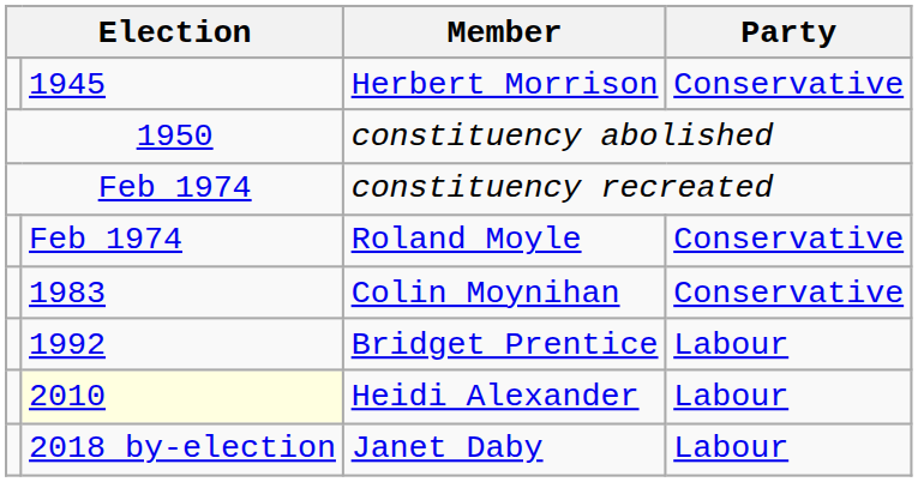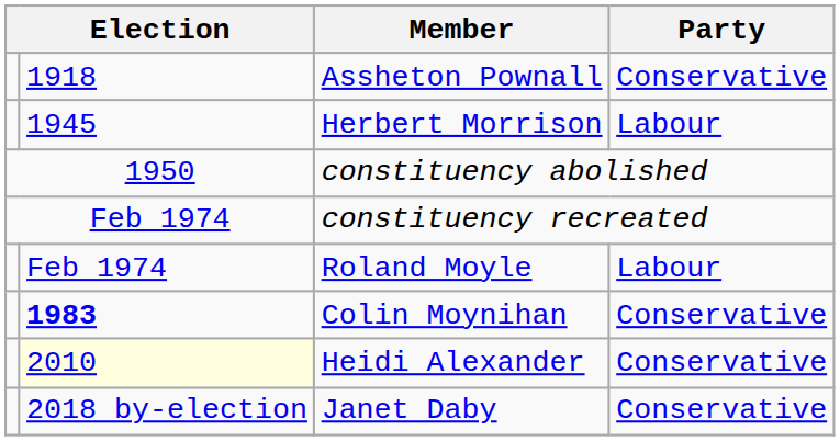 <table class="wikitable">
 <tr>
 <th colspan="2">Election</th>
 <th>Member</th>
 <th>Party</th>
 </tr>
 <tr>
 <td style="color:inherit;background-color: "></td>
+<td><a href='#'>1918</a></td>
+<td><a href='#'>Assheton Pownall</a></td>
+<td><a href='#'>Conservative</a></td>
+</tr>
+<tr>
+<td style="color:inherit;background-color: "></td>
 <td><a href='#'>1945</a></td>
 <td><a href='#'>Herbert Morrison</a></td>
-<td><a href='#'>Conservative</a></td>
+<td><a href='#'>Labour</a></td>
 </tr>
 <tr>
 <td colspan="2" style="text-align:center;"><a href='#'>1950</a></td>
 <td colspan="2"><em>constituency abolished</em></td>
 </tr>
 <tr>
 <td colspan="2" style="text-align:center;"><a href='#'>Feb 1974</a></td>
 <td colspan="2"><em>constituency recreated</em></td>
 </tr>
 <tr>
 <td style="color:inherit;background-color: "></td>
 <td><a href='#'>Feb 1974</a></td>
 <td><a href='#'>Roland Moyle</a></td>
-<td><a href='#'>Conservative</a></td>
+<td><a href='#'>Labour</a></td>
 </tr>
 <tr>
 <td style="color:inherit;background-color: "></td>
-<td><a href='#'>1983</a></td>
+<td><strong><a href='#'>1983</a></strong></td>
 <td><a href='#'>Colin Moynihan</a></td>
 <td><a href='#'>Conservative</a></td>
 </tr>
 <tr>
 <td style="color:inherit;background-color: "></td>
-<td><a href='#'>1992</a></td>
-<td><a href='#'>Bridget Prentice</a></td>
-<td><a href='#'>Labour</a></td>
-</tr>
-<tr>
-<td style="color:inherit;background-color: "></td>
 <td style="background: lightyellow;"><a href='#'>2010</a></td>
 <td><a href='#'>Heidi Alexander</a></td>
-<td><a href='#'>Labour</a></td>
+<td><a href='#'>Conservative</a></td>
 </tr>
 <tr>
 <td style="color:inherit;background-color: "></td>
 <td><a href='#'>2018 by-election</a></td>
 <td><a href='#'>Janet Daby</a></td>
-<td><a href='#'>Labour</a></td>
+<td><a href='#'>Conservative</a></td>
 </tr>
 </table>
